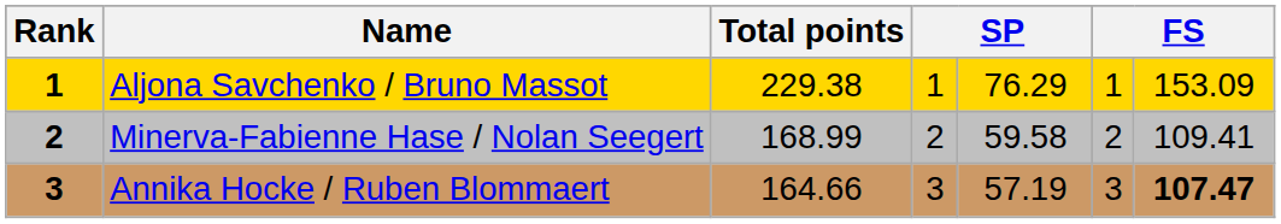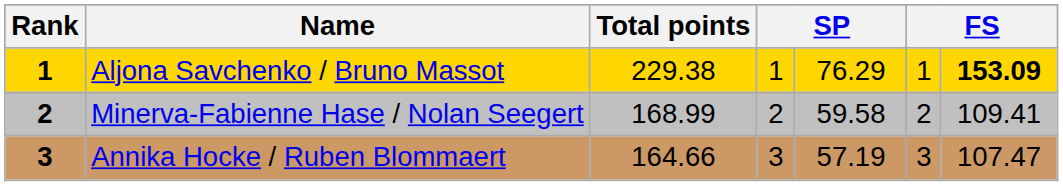 <table class="wikitable sortable">
 <tr>
 <th>Rank</th>
 <th>Name</th>
 <th>Total points</th>
 <th colspan="2" width="80px"><a href='#'>SP</a></th>
 <th colspan="2" width="80px"><a href='#'>FS</a></th>
 </tr>
 <tr bgcolor="gold">
 <td align="center"><strong>1</strong></td>
 <td><a href='#'>Aljona Savchenko</a> / <a href='#'>Bruno Massot</a></td>
 <td align="center">229.38</td>
 <td align="center">1</td>
 <td align="center">76.29</td>
 <td align="center">1</td>
-<td align="center">153.09</td>
+<td align="center"><strong>153.09</strong></td>
 </tr>
 <tr bgcolor="silver">
 <td align="center"><strong>2</strong></td>
 <td><a href='#'>Minerva-Fabienne Hase</a> / <a href='#'>Nolan Seegert</a></td>
 <td align="center">168.99</td>
 <td align="center">2</td>
 <td align="center">59.58</td>
 <td align="center">2</td>
 <td align="center">109.41</td>
 </tr>
 <tr bgcolor="cc9966">
 <td align="center"><strong>3</strong></td>
 <td><a href='#'>Annika Hocke</a> / <a href='#'>Ruben Blommaert</a></td>
 <td align="center">164.66</td>
 <td align="center">3</td>
 <td align="center">57.19</td>
 <td align="center">3</td>
-<td align="center"><strong>107.47</strong></td>
+<td align="center">107.47</td>
 </tr>
 </table>
